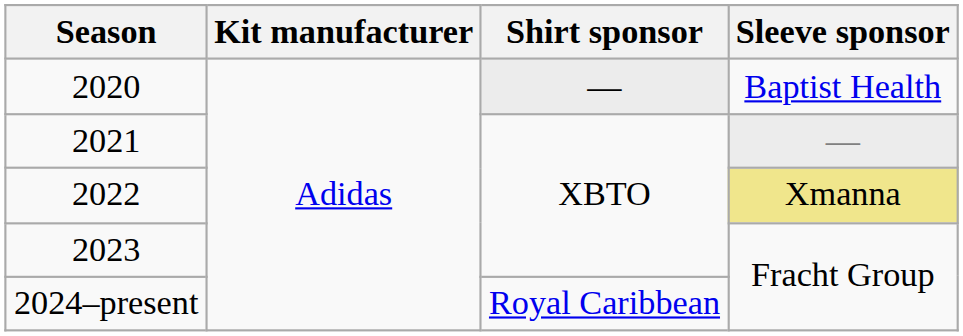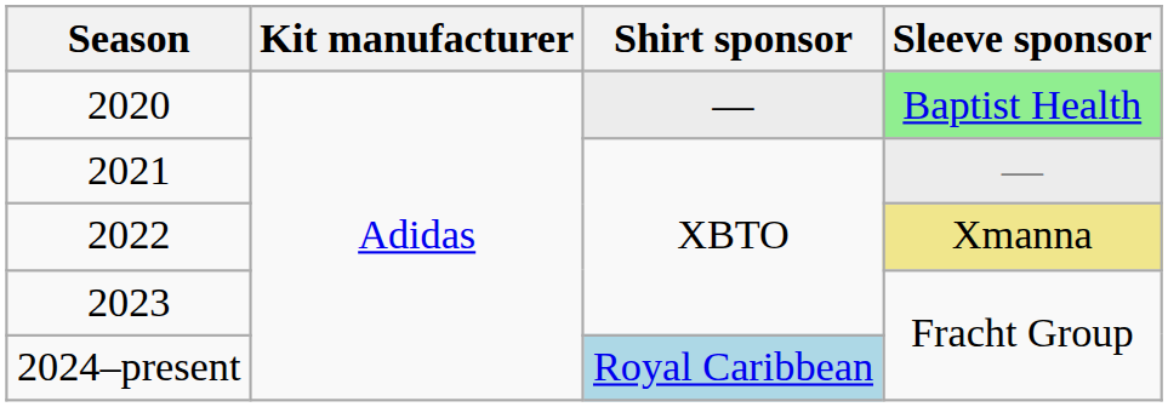 <table class="wikitable" style="text-align:center;float:right;margin:0 0 0 1em">
 <tr>
 <th>Season</th>
 <th>Kit manufacturer</th>
 <th>Shirt sponsor</th>
 <th>Sleeve sponsor</th>
 </tr>
 <tr>
 <td>2020</td>
 <td rowspan=5><a href='#'>Adidas</a></td>
 <td style="text-align:center;background:#ececec;color:000000">—</td>
-<td><a href='#'>Baptist Health</a></td>
+<td style="background: lightgreen;"><a href='#'>Baptist Health</a></td>
 </tr>
 <tr>
 <td>2021</td>
 <td rowspan=3>XBTO</td>
 <td style="text-align:center;background:#ececec;color:gray">—</td>
 </tr>
 <tr>
 <td>2022</td>
 <td style="background: khaki;">Xmanna</td>
 </tr>
 <tr>
 <td>2023</td>
 <td rowspan=2>Fracht Group</td>
 </tr>
 <tr>
 <td>2024–present</td>
-<td><a href='#'>Royal Caribbean</a></td>
+<td style="background: lightblue;"><a href='#'>Royal Caribbean</a></td>
 </tr>
 </table>
